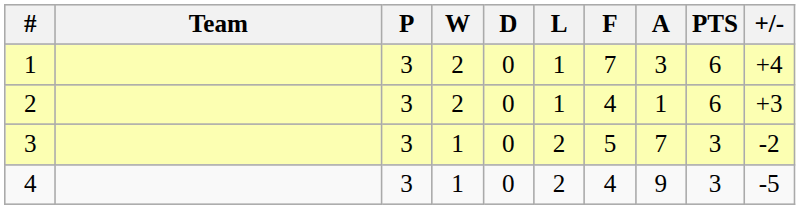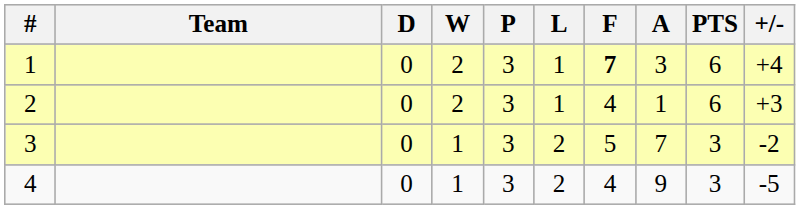 <table class="wikitable" border="1">
 <tr>
 <th width="25">#</th>
 <th width="200">Team</th>
+<th width="25">D</th>
+<th width="25">W</th>
 <th width="25">P</th>
-<th width="25">W</th>
-<th width="25">D</th>
 <th width="25">L</th>
 <th width="25">F</th>
 <th width="25">A</th>
 <th width="25">PTS</th>
 <th width="25">+/-</th>
 </tr>
 <tr bgcolor="FCFFB2">
 <td align="center">1</td>
 <td></td>
+<td align="center">0</td>
+<td align="center">2</td>
 <td align="center">3</td>
-<td align="center">2</td>
-<td align="center">0</td>
 <td align="center">1</td>
-<td align="center">7</td>
+<td align="center"><strong>7</strong></td>
 <td align="center">3</td>
 <td align="center">6</td>
 <td align="center">+4</td>
 </tr>
 <tr bgcolor="FCFFB2">
 <td align="center">2</td>
 <td></td>
+<td align="center">0</td>
+<td align="center">2</td>
 <td align="center">3</td>
-<td align="center">2</td>
-<td align="center">0</td>
 <td align="center">1</td>
 <td align="center">4</td>
 <td align="center">1</td>
 <td align="center">6</td>
 <td align="center">+3</td>
 </tr>
 <tr bgcolor="FCFFB2">
 <td align="center">3</td>
 <td></td>
+<td align="center">0</td>
+<td align="center">1</td>
 <td align="center">3</td>
-<td align="center">1</td>
-<td align="center">0</td>
 <td align="center">2</td>
 <td align="center">5</td>
 <td align="center">7</td>
 <td align="center">3</td>
 <td align="center">-2</td>
 </tr>
 <tr>
 <td align="center">4</td>
 <td></td>
+<td align="center">0</td>
+<td align="center">1</td>
 <td align="center">3</td>
-<td align="center">1</td>
-<td align="center">0</td>
 <td align="center">2</td>
 <td align="center">4</td>
 <td align="center">9</td>
 <td align="center">3</td>
 <td align="center">-5</td>
 </tr>
 </table>
